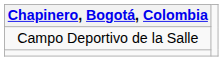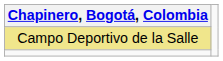 <table class="wikitable" style="text-align:center">
 <tr>
 <th><a href='#'>Chapinero</a>, <a href='#'>Bogotá</a>, <a href='#'>Colombia</a></th>
 <td rowspan=4></td>
 </tr>
 <tr>
-<td>Campo Deportivo de la Salle</td>
+<td style="background: khaki;">Campo Deportivo de la Salle</td>
 </tr>
 <tr>
 <td></td>
 </tr>
 </table>
